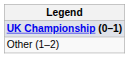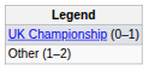 <table class="wikitable">
 <tr>
 <th>Legend</th>
 </tr>
 <tr style="background:#dfe2e9;">
-<td><strong><a href='#'>UK Championship</a> (0–1)</strong></td>
+<td><a href='#'>UK Championship</a> (0–1)</td>
 </tr>
 <tr bgcolor=>
 <td>Other (1–2)</td>
 </tr>
 </table>
